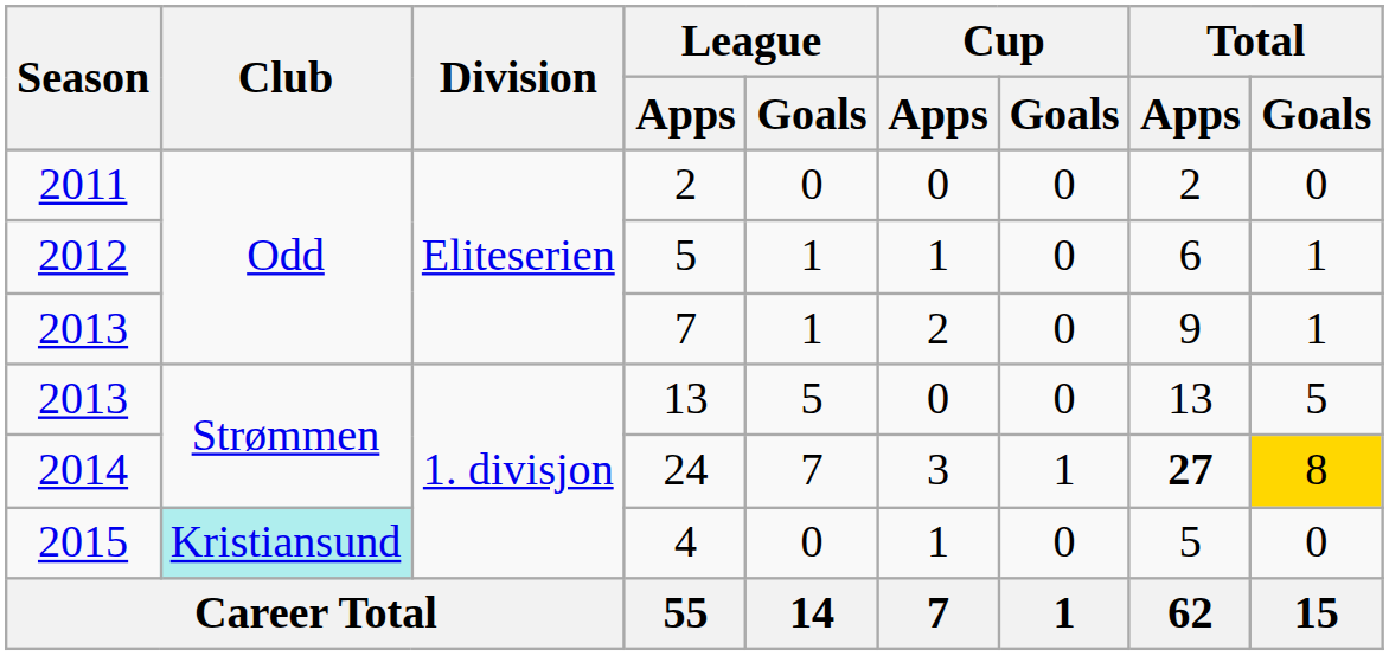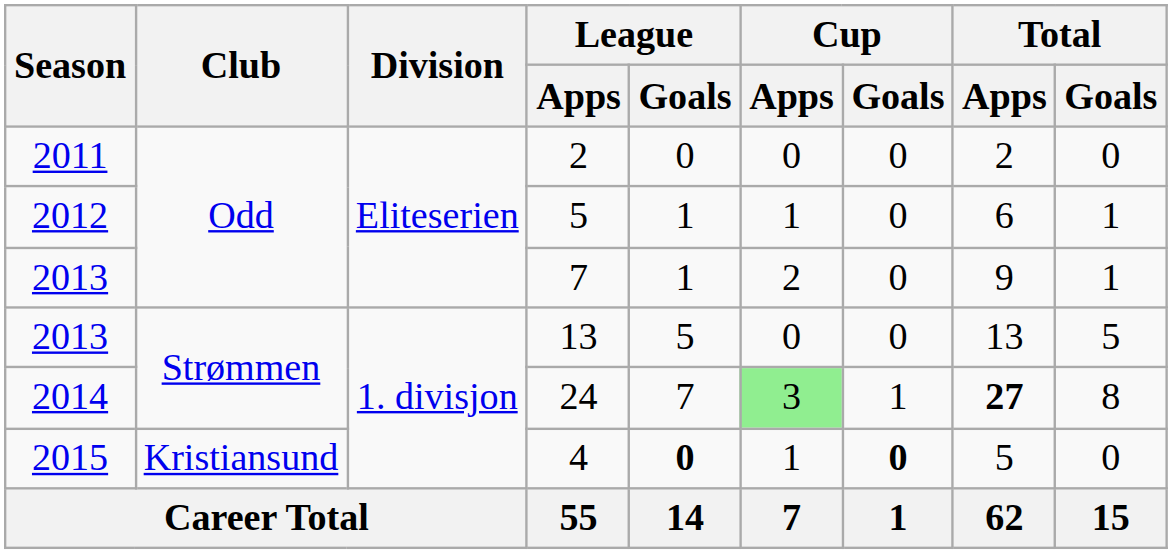 <table class="wikitable" style="text-align: center;">
 <tr>
 <th rowspan="2">Season</th>
 <th rowspan="2">Club</th>
 <th rowspan="2">Division</th>
 <th colspan="2">League</th>
 <th colspan="2">Cup</th>
 <th colspan="2">Total</th>
 </tr>
 <tr>
 <th>Apps</th>
 <th>Goals</th>
 <th>Apps</th>
 <th>Goals</th>
 <th>Apps</th>
 <th>Goals</th>
 </tr>
 <tr>
 <td><a href='#'>2011</a></td>
 <td rowspan="3" valign="center"><a href='#'>Odd</a></td>
 <td rowspan="3" valign="center"><a href='#'>Eliteserien</a></td>
 <td>2</td>
 <td>0</td>
 <td>0</td>
 <td>0</td>
 <td>2</td>
 <td>0</td>
 </tr>
 <tr>
 <td><a href='#'>2012</a></td>
 <td>5</td>
 <td>1</td>
 <td>1</td>
 <td>0</td>
 <td>6</td>
 <td>1</td>
 </tr>
 <tr>
 <td><a href='#'>2013</a></td>
 <td>7</td>
 <td>1</td>
 <td>2</td>
 <td>0</td>
 <td>9</td>
 <td>1</td>
 </tr>
 <tr>
 <td><a href='#'>2013</a></td>
 <td rowspan="2" valign="center"><a href='#'>Strømmen</a></td>
 <td rowspan="3" valign="center"><a href='#'>1. divisjon</a></td>
 <td>13</td>
 <td>5</td>
 <td>0</td>
 <td>0</td>
 <td>13</td>
 <td>5</td>
 </tr>
 <tr>
 <td><a href='#'>2014</a></td>
 <td>24</td>
 <td>7</td>
-<td>3</td>
+<td style="background: lightgreen;">3</td>
 <td>1</td>
 <td><strong>27</strong></td>
-<td style="background: gold;">8</td>
+<td>8</td>
 </tr>
 <tr>
 <td><a href='#'>2015</a></td>
-<td rowspan="1" valign="center" style="background: paleturquoise;"><a href='#'>Kristiansund</a></td>
+<td rowspan="1" valign="center"><a href='#'>Kristiansund</a></td>
 <td>4</td>
-<td>0</td>
+<td><strong>0</strong></td>
 <td>1</td>
-<td>0</td>
+<td><strong>0</strong></td>
 <td>5</td>
 <td>0</td>
 </tr>
 <tr>
 <th colspan="3">Career Total</th>
 <th>55</th>
 <th>14</th>
 <th>7</th>
 <th>1</th>
 <th>62</th>
 <th>15</th>
 </tr>
 </table>
